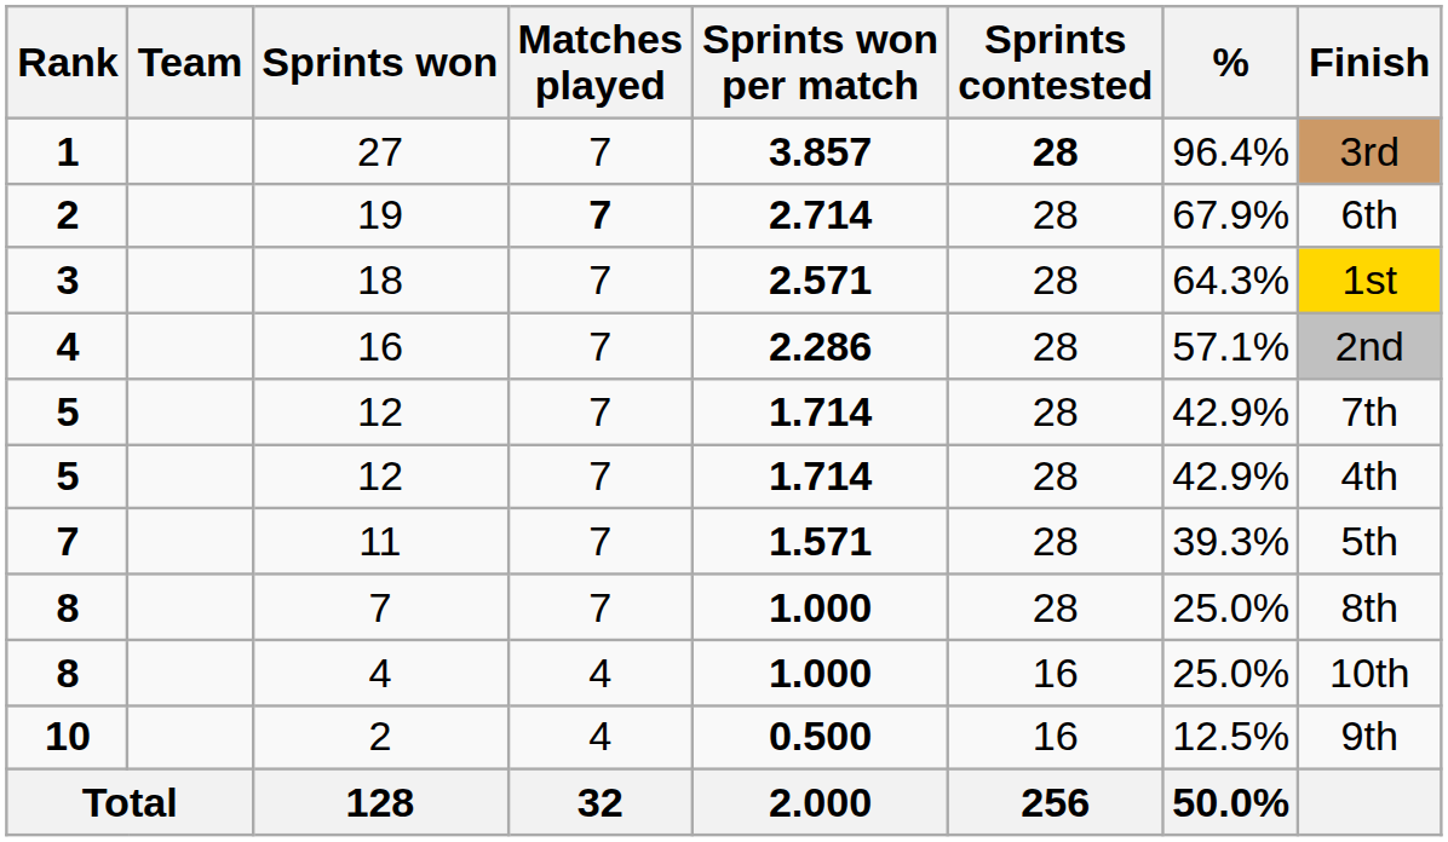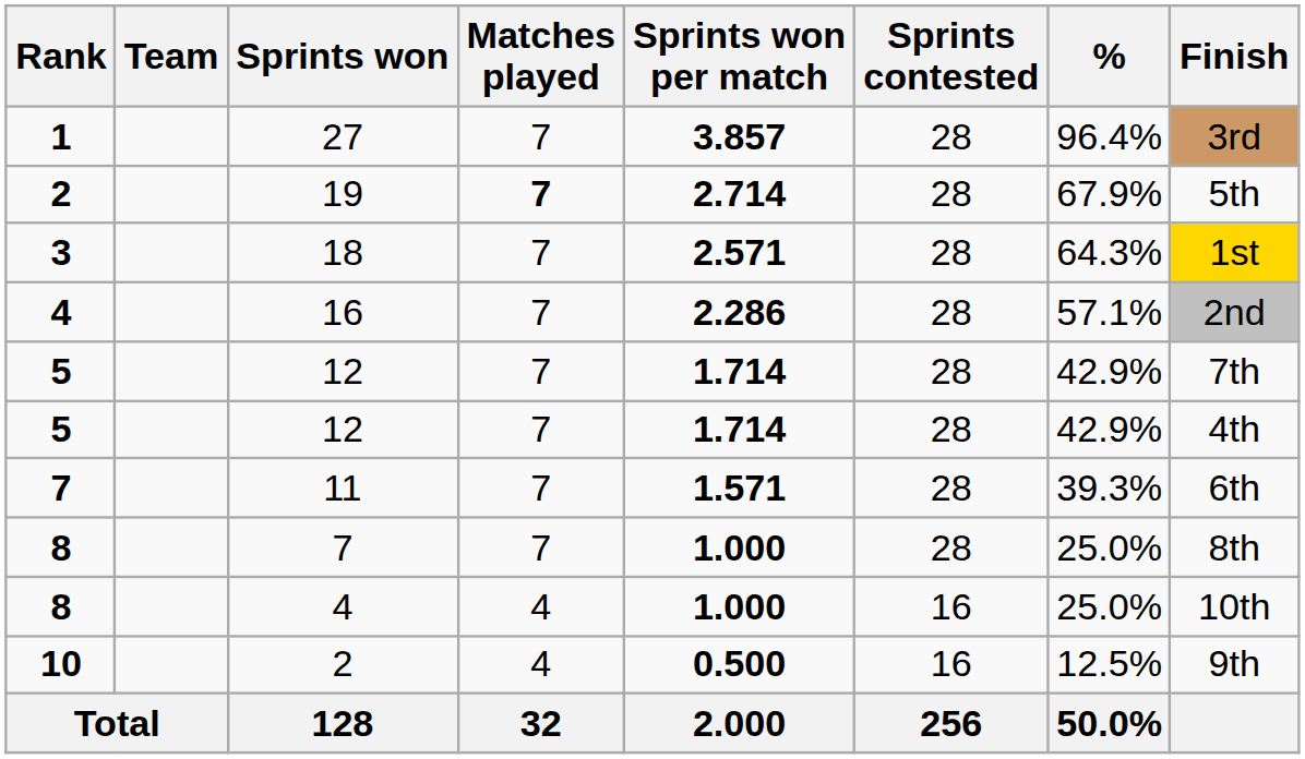 <table class="wikitable sortable" style="text-align: center; font-size: 90%; margin-left: 1em;">
 <tr>
 <th>Rank</th>
 <th>Team</th>
 <th>Sprints won</th>
 <th>Matches<br>played</th>
 <th>Sprints won<br>per match</th>
 <th>Sprints<br>contested</th>
 <th>%</th>
 <th>Finish</th>
 </tr>
 <tr>
 <td><strong>1</strong></td>
 <td style="text-align: left;"></td>
 <td>27</td>
 <td>7</td>
 <td><strong>3.857</strong></td>
-<td><strong>28</strong></td>
+<td>28</td>
 <td>96.4%</td>
 <td style="background-color: #cc9966;">3rd</td>
 </tr>
 <tr>
 <td><strong>2</strong></td>
 <td style="text-align: left;"></td>
 <td>19</td>
 <td><strong>7</strong></td>
 <td><strong>2.714</strong></td>
 <td>28</td>
 <td>67.9%</td>
-<td>6th</td>
+<td>5th</td>
 </tr>
 <tr>
 <td><strong>3</strong></td>
 <td style="text-align: left;"></td>
 <td>18</td>
 <td>7</td>
 <td><strong>2.571</strong></td>
 <td>28</td>
 <td>64.3%</td>
 <td style="background-color: gold;">1st</td>
 </tr>
 <tr>
 <td><strong>4</strong></td>
 <td style="text-align: left;"></td>
 <td>16</td>
 <td>7</td>
 <td><strong>2.286</strong></td>
 <td>28</td>
 <td>57.1%</td>
 <td style="background-color: silver;">2nd</td>
 </tr>
 <tr>
 <td><strong>5</strong></td>
 <td style="text-align: left;"></td>
 <td>12</td>
 <td>7</td>
 <td><strong>1.714</strong></td>
 <td>28</td>
 <td>42.9%</td>
 <td>7th</td>
 </tr>
 <tr>
 <td><strong>5</strong></td>
 <td style="text-align: left;"></td>
 <td>12</td>
 <td>7</td>
 <td><strong>1.714</strong></td>
 <td>28</td>
 <td>42.9%</td>
 <td>4th</td>
 </tr>
 <tr>
 <td><strong>7</strong></td>
 <td style="text-align: left;"></td>
 <td>11</td>
 <td>7</td>
 <td><strong>1.571</strong></td>
 <td>28</td>
 <td>39.3%</td>
-<td>5th</td>
+<td>6th</td>
 </tr>
 <tr>
 <td><strong>8</strong></td>
 <td style="text-align: left;"></td>
 <td>7</td>
 <td>7</td>
 <td><strong>1.000</strong></td>
 <td>28</td>
 <td>25.0%</td>
 <td>8th</td>
 </tr>
 <tr>
 <td><strong>8</strong></td>
 <td style="text-align: left;"></td>
 <td>4</td>
 <td>4</td>
 <td><strong>1.000</strong></td>
 <td>16</td>
 <td>25.0%</td>
 <td>10th</td>
 </tr>
 <tr>
 <td><strong>10</strong></td>
 <td style="text-align: left;"></td>
 <td>2</td>
 <td>4</td>
 <td><strong>0.500</strong></td>
 <td>16</td>
 <td>12.5%</td>
 <td>9th</td>
 </tr>
 <tr>
 <th colspan="2">Total</th>
 <th>128</th>
 <th>32</th>
 <th>2.000</th>
 <th>256</th>
 <th>50.0%</th>
 <th></th>
 </tr>
 </table>
